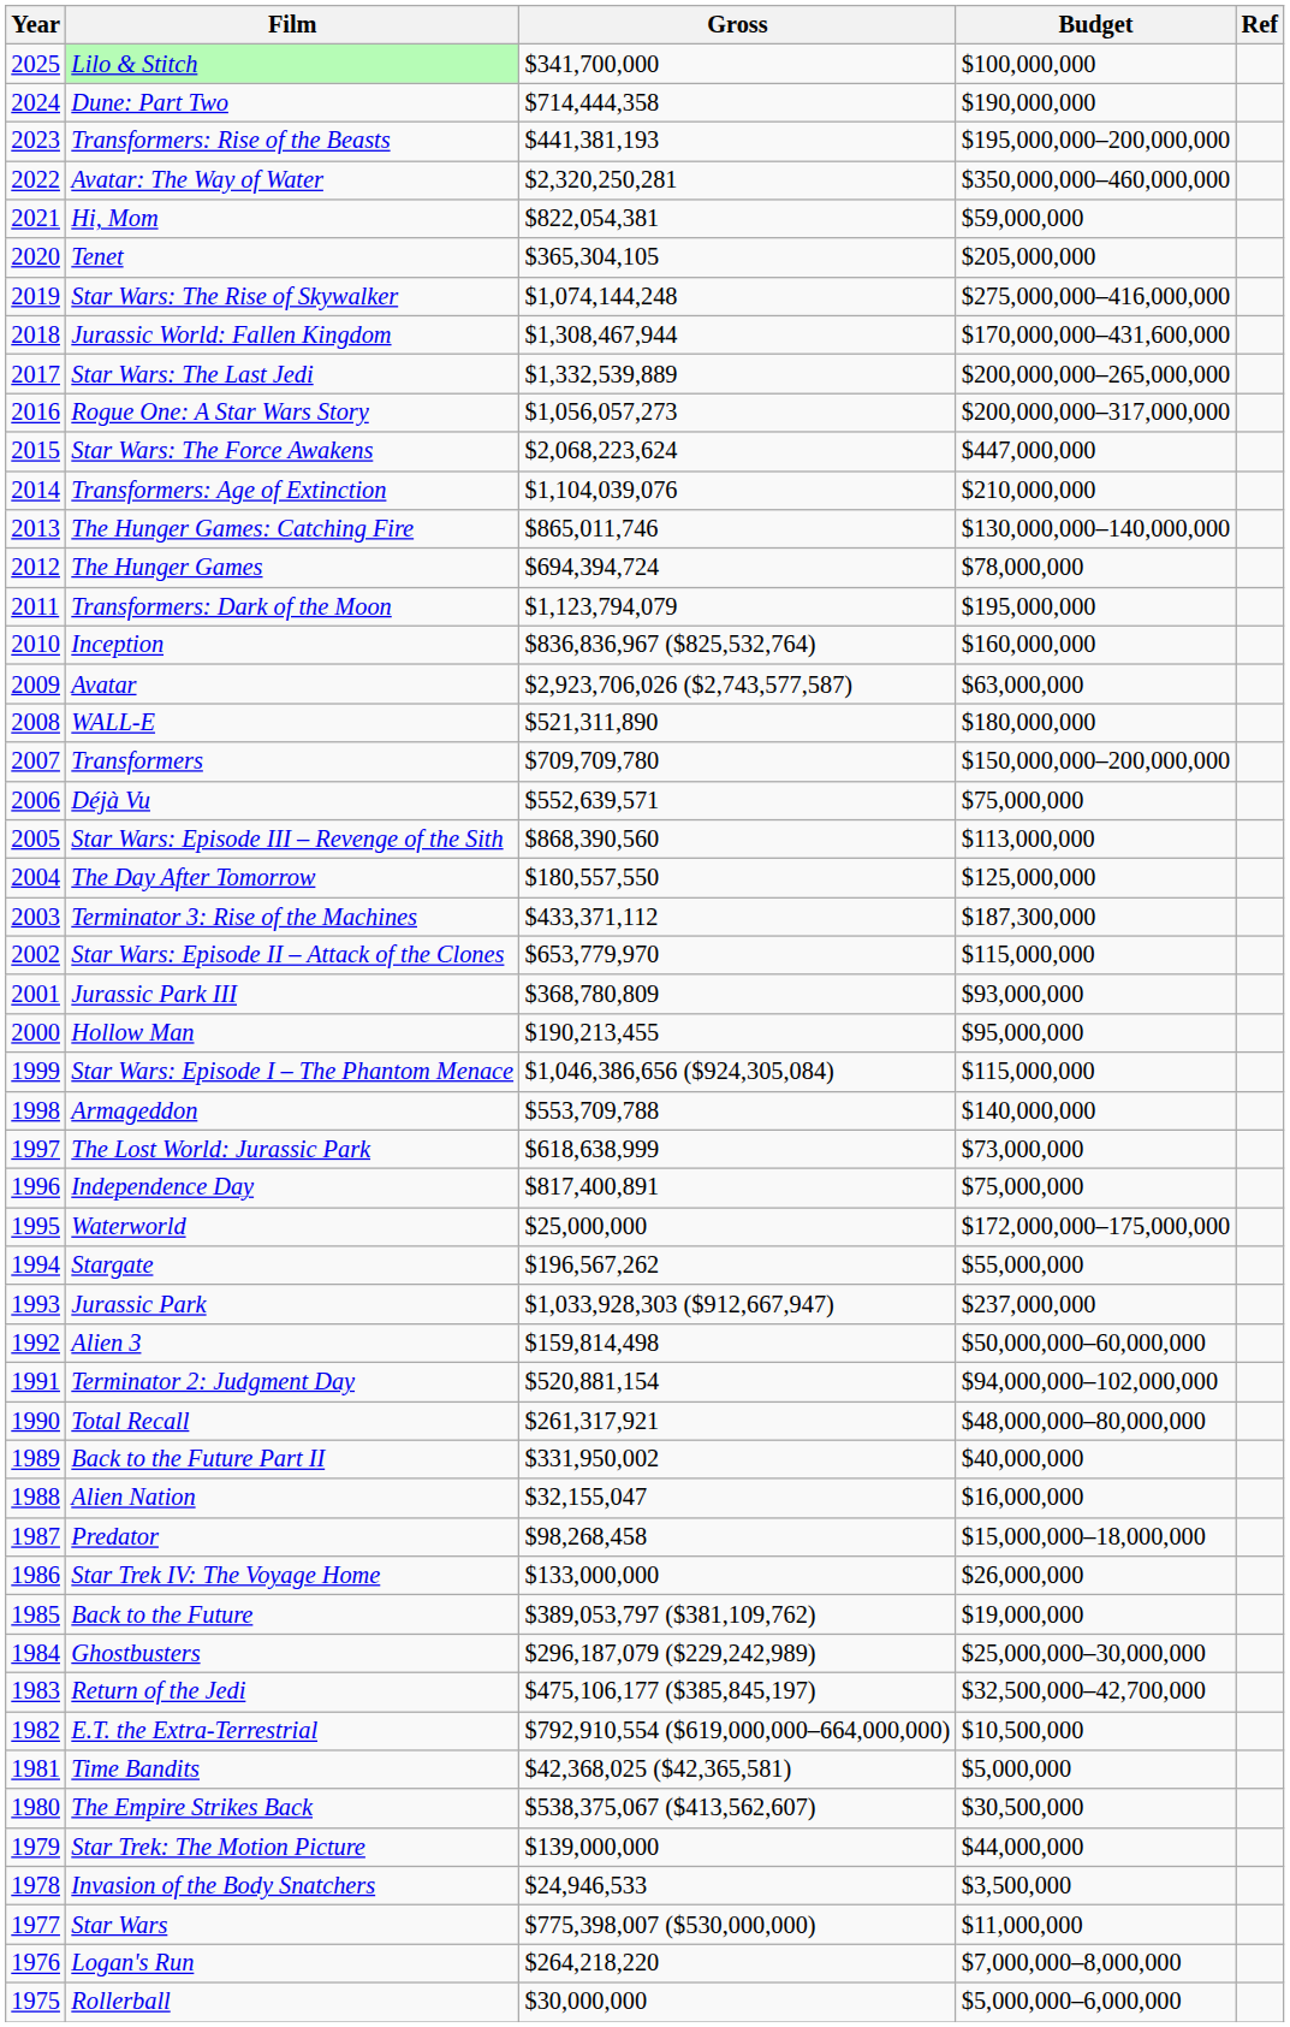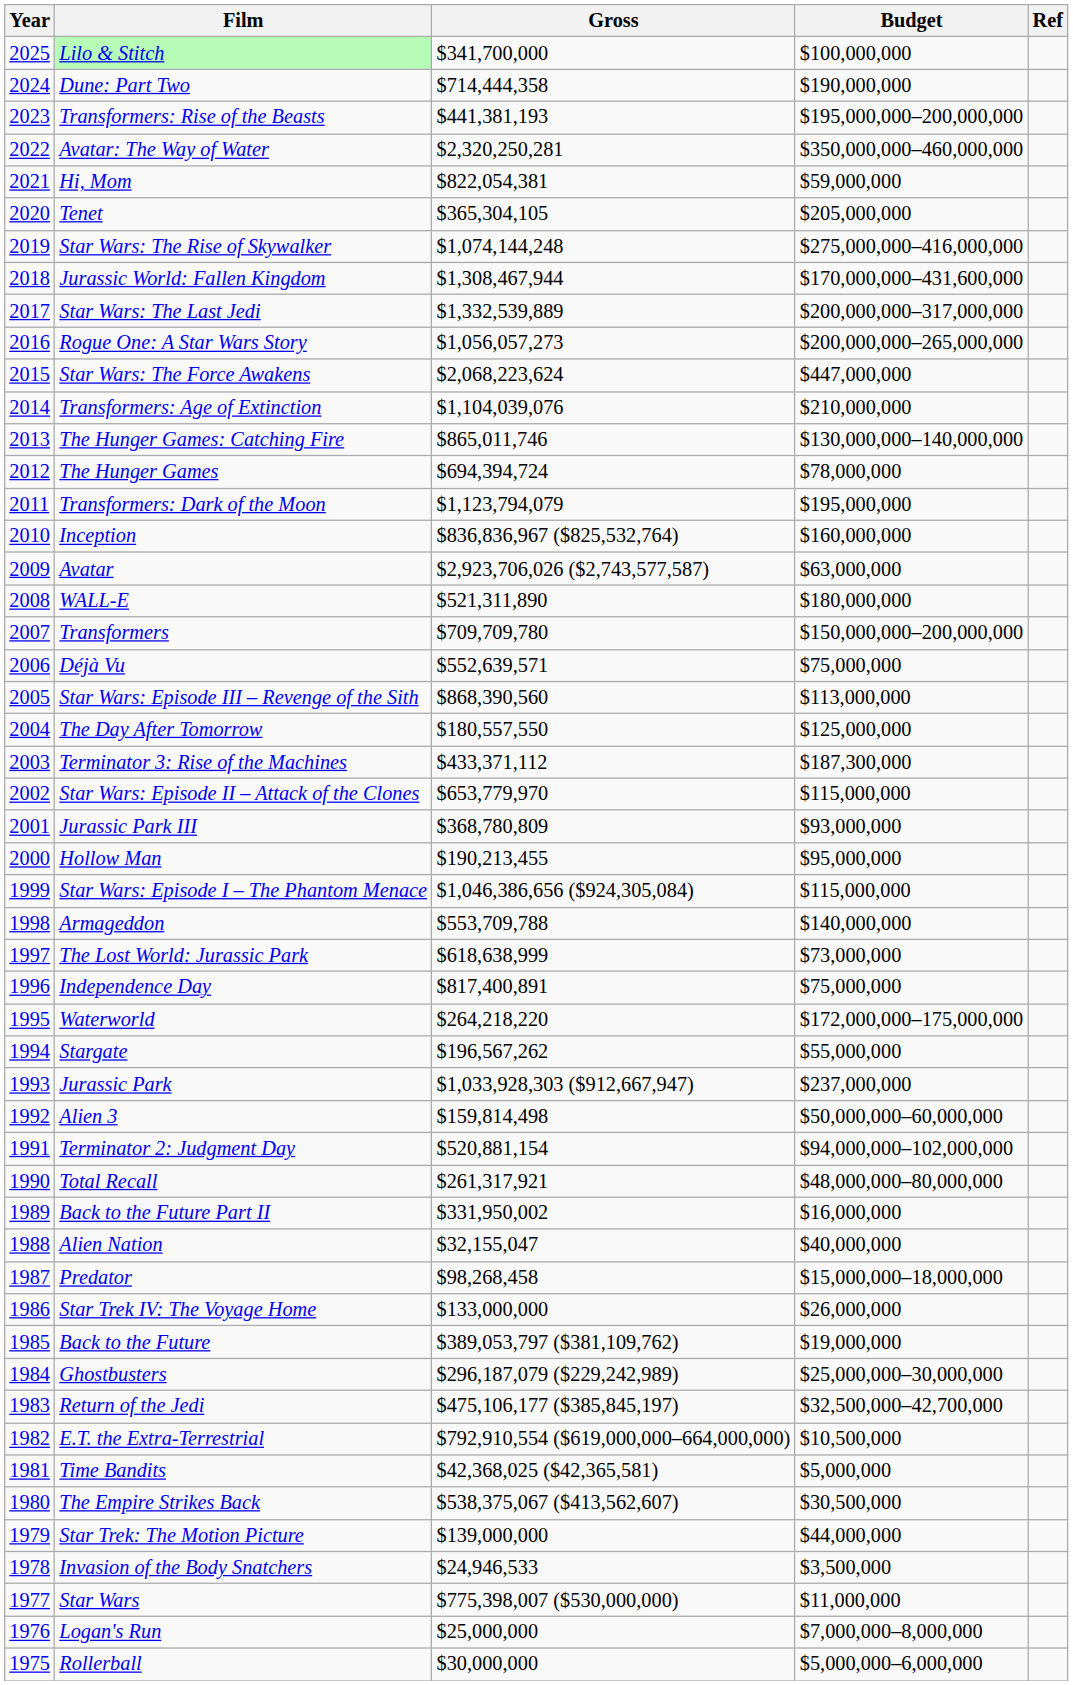 <table class="wikitable sortable">
 <tr>
 <th>Year</th>
 <th>Film</th>
 <th>Gross</th>
 <th>Budget</th>
 <th class="unsortable">Ref</th>
 </tr>
 <tr>
 <td><a href='#'>2025</a></td>
 <td scope="row" style="background:#b6fcb6;"><em><a href='#'>Lilo & Stitch</a></em> </td>
 <td>$341,700,000</td>
 <td>$100,000,000</td>
 <td></td>
 </tr>
 <tr>
 <td><a href='#'>2024</a></td>
 <td><em><a href='#'>Dune: Part Two</a></em></td>
 <td>$714,444,358</td>
 <td>$190,000,000</td>
 <td></td>
 </tr>
 <tr>
 <td><a href='#'>2023</a></td>
 <td><em><a href='#'>Transformers: Rise of the Beasts</a></em></td>
 <td>$441,381,193</td>
 <td>$195,000,000–200,000,000</td>
 <td></td>
 </tr>
 <tr>
 <td><a href='#'>2022</a></td>
 <td><em><a href='#'>Avatar: The Way of Water</a></em></td>
 <td>$2,320,250,281</td>
 <td>$350,000,000–460,000,000</td>
 <td></td>
 </tr>
 <tr>
 <td><a href='#'>2021</a></td>
 <td><em><a href='#'>Hi, Mom</a></em></td>
 <td>$822,054,381</td>
 <td>$59,000,000</td>
 <td></td>
 </tr>
 <tr>
 <td><a href='#'>2020</a></td>
 <td><em><a href='#'>Tenet</a></em></td>
 <td>$365,304,105</td>
 <td>$205,000,000</td>
 <td></td>
 </tr>
 <tr>
 <td><a href='#'>2019</a></td>
 <td><em><a href='#'>Star Wars: The Rise of Skywalker</a></em></td>
 <td>$1,074,144,248</td>
 <td>$275,000,000–416,000,000</td>
 <td></td>
 </tr>
 <tr>
 <td><a href='#'>2018</a></td>
 <td><em><a href='#'>Jurassic World: Fallen Kingdom</a></em></td>
 <td>$1,308,467,944</td>
 <td>$170,000,000–431,600,000</td>
 <td></td>
 </tr>
 <tr>
 <td><a href='#'>2017</a></td>
 <td><em><a href='#'>Star Wars: The Last Jedi</a></em></td>
 <td>$1,332,539,889</td>
-<td>$200,000,000–265,000,000</td>
+<td>$200,000,000–317,000,000</td>
 <td></td>
 </tr>
 <tr>
 <td><a href='#'>2016</a></td>
 <td><em><a href='#'>Rogue One: A Star Wars Story</a></em></td>
 <td>$1,056,057,273</td>
-<td>$200,000,000–317,000,000</td>
+<td>$200,000,000–265,000,000</td>
 <td></td>
 </tr>
 <tr>
 <td><a href='#'>2015</a></td>
 <td><em><a href='#'>Star Wars: The Force Awakens</a></em></td>
 <td>$2,068,223,624</td>
 <td>$447,000,000</td>
 <td></td>
 </tr>
 <tr>
 <td><a href='#'>2014</a></td>
 <td><em><a href='#'>Transformers: Age of Extinction</a></em></td>
 <td>$1,104,039,076</td>
 <td>$210,000,000</td>
 <td></td>
 </tr>
 <tr>
 <td><a href='#'>2013</a></td>
 <td><em><a href='#'>The Hunger Games: Catching Fire</a></em></td>
 <td>$865,011,746</td>
 <td>$130,000,000–140,000,000</td>
 <td></td>
 </tr>
 <tr>
 <td><a href='#'>2012</a></td>
 <td><em><a href='#'>The Hunger Games</a></em></td>
 <td>$694,394,724</td>
 <td>$78,000,000</td>
 <td></td>
 </tr>
 <tr>
 <td><a href='#'>2011</a></td>
 <td><em><a href='#'>Transformers: Dark of the Moon</a></em></td>
 <td>$1,123,794,079</td>
 <td>$195,000,000</td>
 <td></td>
 </tr>
 <tr>
 <td><a href='#'>2010</a></td>
 <td><em><a href='#'>Inception </a></em></td>
 <td>$836,836,967 ($825,532,764)</td>
 <td>$160,000,000</td>
 <td></td>
 </tr>
 <tr>
 <td><a href='#'>2009</a></td>
 <td style="text-align:left;"><em><a href='#'>Avatar</a></em></td>
 <td>$2,923,706,026 ($2,743,577,587)</td>
 <td>$63,000,000</td>
 <td></td>
 </tr>
 <tr>
 <td><a href='#'>2008</a></td>
 <td><em><a href='#'>WALL-E</a></em></td>
 <td>$521,311,890</td>
 <td>$180,000,000</td>
 <td></td>
 </tr>
 <tr>
 <td><a href='#'>2007</a></td>
 <td><em><a href='#'>Transformers</a></em></td>
 <td>$709,709,780</td>
 <td>$150,000,000–200,000,000</td>
 <td></td>
 </tr>
 <tr>
 <td><a href='#'>2006</a></td>
 <td><em><a href='#'>Déjà Vu</a></em></td>
 <td>$552,639,571</td>
 <td>$75,000,000</td>
 <td></td>
 </tr>
 <tr>
 <td><a href='#'>2005</a></td>
 <td><em><a href='#'>Star Wars: Episode III – Revenge of the Sith</a></em></td>
 <td>$868,390,560</td>
 <td>$113,000,000</td>
 <td></td>
 </tr>
 <tr>
 <td><a href='#'>2004</a></td>
 <td><em><a href='#'>The Day After Tomorrow</a></em></td>
 <td>$180,557,550</td>
 <td>$125,000,000</td>
 <td></td>
 </tr>
 <tr>
 <td><a href='#'>2003</a></td>
 <td><em><a href='#'>Terminator 3: Rise of the Machines</a></em></td>
 <td>$433,371,112</td>
 <td>$187,300,000</td>
 <td></td>
 </tr>
 <tr>
 <td><a href='#'>2002</a></td>
 <td><em><a href='#'>Star Wars: Episode II – Attack of the Clones</a></em></td>
 <td>$653,779,970</td>
 <td>$115,000,000</td>
 <td></td>
 </tr>
 <tr>
 <td><a href='#'>2001</a></td>
 <td><em><a href='#'>Jurassic Park III</a></em></td>
 <td>$368,780,809</td>
 <td>$93,000,000</td>
 <td></td>
 </tr>
 <tr>
 <td><a href='#'>2000</a></td>
 <td><em><a href='#'>Hollow Man</a></em></td>
 <td>$190,213,455</td>
 <td>$95,000,000</td>
 <td></td>
 </tr>
 <tr>
 <td><a href='#'>1999</a></td>
 <td><em><a href='#'>Star Wars: Episode I – The Phantom Menace</a></em></td>
 <td>$1,046,386,656 ($924,305,084)</td>
 <td>$115,000,000</td>
 <td></td>
 </tr>
 <tr>
 <td><a href='#'>1998</a></td>
 <td><em><a href='#'>Armageddon</a> </em></td>
 <td>$553,709,788</td>
 <td>$140,000,000</td>
 <td></td>
 </tr>
 <tr>
 <td><a href='#'>1997</a></td>
 <td><em><a href='#'>The Lost World: Jurassic Park</a></em></td>
 <td>$618,638,999</td>
 <td>$73,000,000</td>
 <td></td>
 </tr>
 <tr>
 <td><a href='#'>1996</a></td>
 <td><em><a href='#'>Independence Day</a></em></td>
 <td>$817,400,891</td>
 <td>$75,000,000</td>
 <td></td>
 </tr>
 <tr>
 <td><a href='#'>1995</a></td>
 <td><em><a href='#'>Waterworld</a></em></td>
-<td>$25,000,000</td>
+<td>$264,218,220</td>
 <td>$172,000,000–175,000,000</td>
 <td></td>
 </tr>
 <tr>
 <td><a href='#'>1994</a></td>
 <td><em><a href='#'>Stargate</a></em></td>
 <td>$196,567,262</td>
 <td>$55,000,000</td>
 <td></td>
 </tr>
 <tr>
 <td><a href='#'>1993</a></td>
 <td><em><a href='#'>Jurassic Park</a></em></td>
 <td>$1,033,928,303 ($912,667,947)</td>
 <td>$237,000,000</td>
 <td></td>
 </tr>
 <tr>
 <td><a href='#'>1992</a></td>
 <td><em><a href='#'>Alien 3</a></em></td>
 <td>$159,814,498</td>
 <td>$50,000,000–60,000,000</td>
 <td></td>
 </tr>
 <tr>
 <td><a href='#'>1991</a></td>
 <td><em><a href='#'>Terminator 2: Judgment Day</a></em></td>
 <td>$520,881,154</td>
 <td>$94,000,000–102,000,000</td>
 <td></td>
 </tr>
 <tr>
 <td><a href='#'>1990</a></td>
 <td><em><a href='#'>Total Recall</a></em></td>
 <td>$261,317,921</td>
 <td>$48,000,000–80,000,000</td>
 <td></td>
 </tr>
 <tr>
 <td><a href='#'>1989</a></td>
 <td><em><a href='#'>Back to the Future Part II</a></em></td>
 <td>$331,950,002</td>
-<td>$40,000,000</td>
+<td>$16,000,000</td>
 <td></td>
 </tr>
 <tr>
 <td><a href='#'>1988</a></td>
 <td><em><a href='#'>Alien Nation</a></em></td>
 <td>$32,155,047</td>
-<td>$16,000,000</td>
+<td>$40,000,000</td>
 <td></td>
 </tr>
 <tr>
 <td><a href='#'>1987</a></td>
 <td><em><a href='#'>Predator</a></em></td>
 <td>$98,268,458</td>
 <td>$15,000,000–18,000,000</td>
 <td></td>
 </tr>
 <tr>
 <td><a href='#'>1986</a></td>
 <td><em><a href='#'>Star Trek IV: The Voyage Home</a></em></td>
 <td>$133,000,000</td>
 <td>$26,000,000</td>
 <td></td>
 </tr>
 <tr>
 <td><a href='#'>1985</a></td>
 <td><em><a href='#'>Back to the Future</a></em></td>
 <td>$389,053,797 ($381,109,762)</td>
 <td>$19,000,000</td>
 <td></td>
 </tr>
 <tr>
 <td><a href='#'>1984</a></td>
 <td><em><a href='#'>Ghostbusters</a></em></td>
 <td>$296,187,079 ($229,242,989)</td>
 <td>$25,000,000–30,000,000</td>
 <td></td>
 </tr>
 <tr>
 <td><a href='#'>1983</a></td>
 <td><em><a href='#'>Return of the Jedi</a></em></td>
 <td>$475,106,177 ($385,845,197)</td>
 <td>$32,500,000–42,700,000</td>
 <td></td>
 </tr>
 <tr>
 <td><a href='#'>1982</a></td>
 <td><em><a href='#'>E.T. the Extra-Terrestrial</a></em></td>
 <td>$792,910,554 ($619,000,000–664,000,000)</td>
 <td>$10,500,000</td>
 <td></td>
 </tr>
 <tr>
 <td><a href='#'>1981</a></td>
 <td><em><a href='#'>Time Bandits</a></em></td>
 <td>$42,368,025 ($42,365,581)</td>
 <td>$5,000,000</td>
 <td></td>
 </tr>
 <tr>
 <td><a href='#'>1980</a></td>
 <td><em><a href='#'>The Empire Strikes Back</a></em></td>
 <td>$538,375,067 ($413,562,607)</td>
 <td>$30,500,000</td>
 <td></td>
 </tr>
 <tr>
 <td><a href='#'>1979</a></td>
 <td><em><a href='#'>Star Trek: The Motion Picture</a></em></td>
 <td>$139,000,000</td>
 <td>$44,000,000</td>
 <td></td>
 </tr>
 <tr>
 <td><a href='#'>1978</a></td>
 <td><em><a href='#'>Invasion of the Body Snatchers</a></em></td>
 <td>$24,946,533</td>
 <td>$3,500,000</td>
 <td></td>
 </tr>
 <tr>
 <td><a href='#'>1977</a></td>
 <td><em><a href='#'>Star Wars</a></em></td>
 <td>$775,398,007 ($530,000,000)</td>
 <td>$11,000,000</td>
 <td></td>
 </tr>
 <tr>
 <td><a href='#'>1976</a></td>
 <td><em><a href='#'>Logan's Run</a></em></td>
-<td>$264,218,220</td>
+<td>$25,000,000</td>
 <td>$7,000,000–8,000,000</td>
 <td></td>
 </tr>
 <tr>
 <td><a href='#'>1975</a></td>
 <td><em><a href='#'>Rollerball</a></em></td>
 <td>$30,000,000</td>
 <td>$5,000,000–6,000,000</td>
 <td></td>
 </tr>
 </table>
